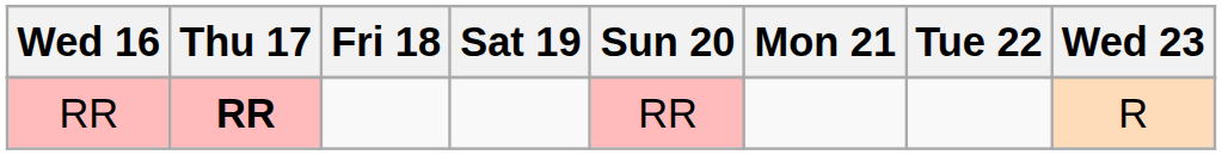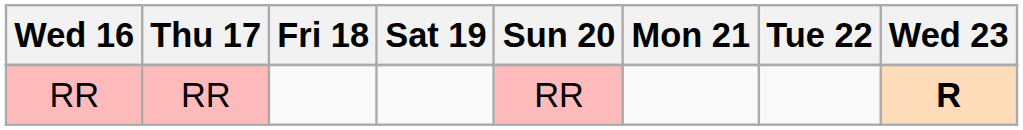 <table class="wikitable" style="margin:0.5em auto; font-size:90%; line-height:1.25em;">
 <tr align="center">
 <th>Wed 16</th>
 <th>Thu 17</th>
 <th>Fri 18</th>
 <th>Sat 19</th>
 <th>Sun 20</th>
 <th>Mon 21</th>
 <th>Tue 22</th>
 <th>Wed 23</th>
 </tr>
 <tr>
 </tr>
 <tr align="center">
 <td bgcolor="#FFBBBB">RR</td>
-<td bgcolor="#FFBBBB"><strong>RR</strong></td>
+<td bgcolor="#FFBBBB">RR</td>
 <td></td>
 <td></td>
 <td bgcolor="#FFBBBB">RR</td>
 <td></td>
 <td></td>
-<td bgcolor="#FEDCBA">R</td>
+<td bgcolor="#FEDCBA"><strong>R</strong></td>
 </tr>
 </table>
